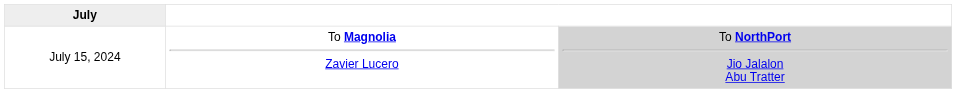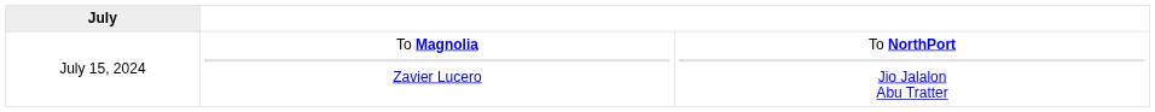 <table border=1 style="border-collapse:collapse; text-align: center; width: 100%" bordercolor="#DFDFDF"  cellpadding="5">
 <tr bgcolor="eeeeee">
 <th>July</th>
 </tr>
 <tr>
 <td style="width:12%" rowspan=2>July 15, 2024</td>
 <td style="width:29.3%" valign="top">To <strong><a href='#'>Magnolia</a></strong><hr><a href='#'>Zavier Lucero</a></td>
-<td style="background: lightgrey; width:29.3%" valign="top">To <strong><a href='#'>NorthPort</a></strong><hr><a href='#'>Jio Jalalon</a><br><a href='#'>Abu Tratter</a></td>
+<td style="width:29.3%" valign="top">To <strong><a href='#'>NorthPort</a></strong><hr><a href='#'>Jio Jalalon</a><br><a href='#'>Abu Tratter</a></td>
 </tr>
 </table>
